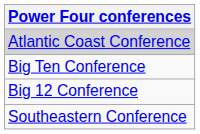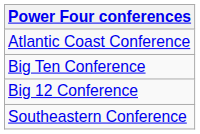 <table class="wikitable">
 <tr>
 <th><a href='#'>Power Four conferences</a></th>
 </tr>
 <tr>
-<td style="background: lightgrey;"><a href='#'>Atlantic Coast Conference</a></td>
+<td><a href='#'>Atlantic Coast Conference</a></td>
 </tr>
 <tr>
 <td><a href='#'>Big Ten Conference</a></td>
 </tr>
 <tr>
 <td><a href='#'>Big 12 Conference</a></td>
 </tr>
 <tr>
 <td><a href='#'>Southeastern Conference</a></td>
 </tr>
 </table>
